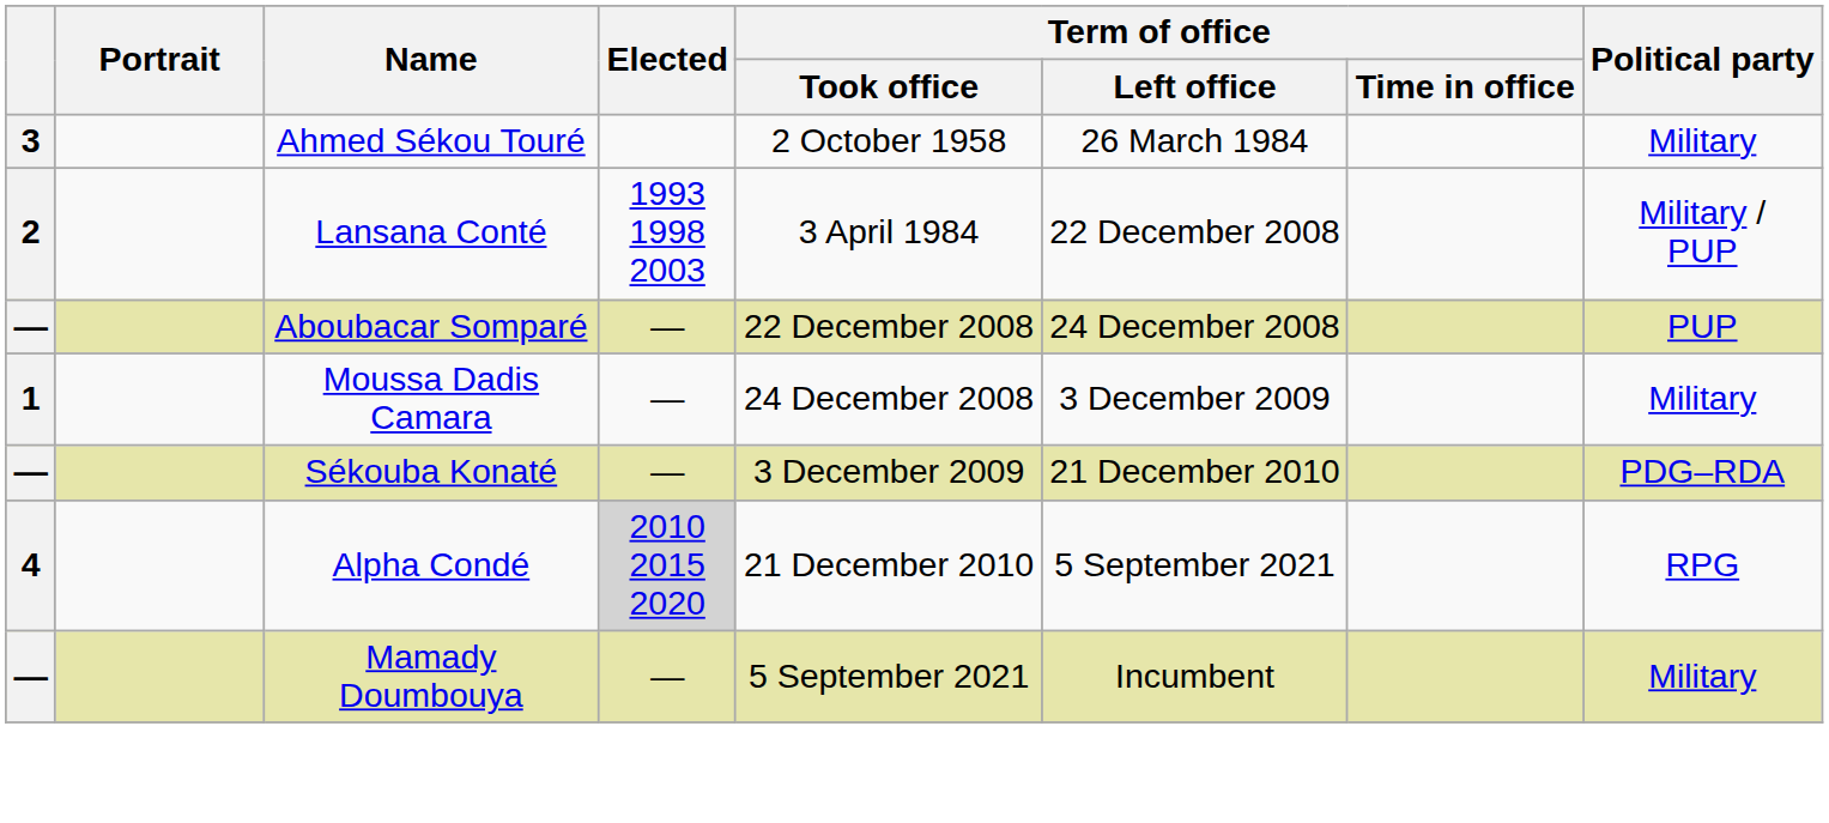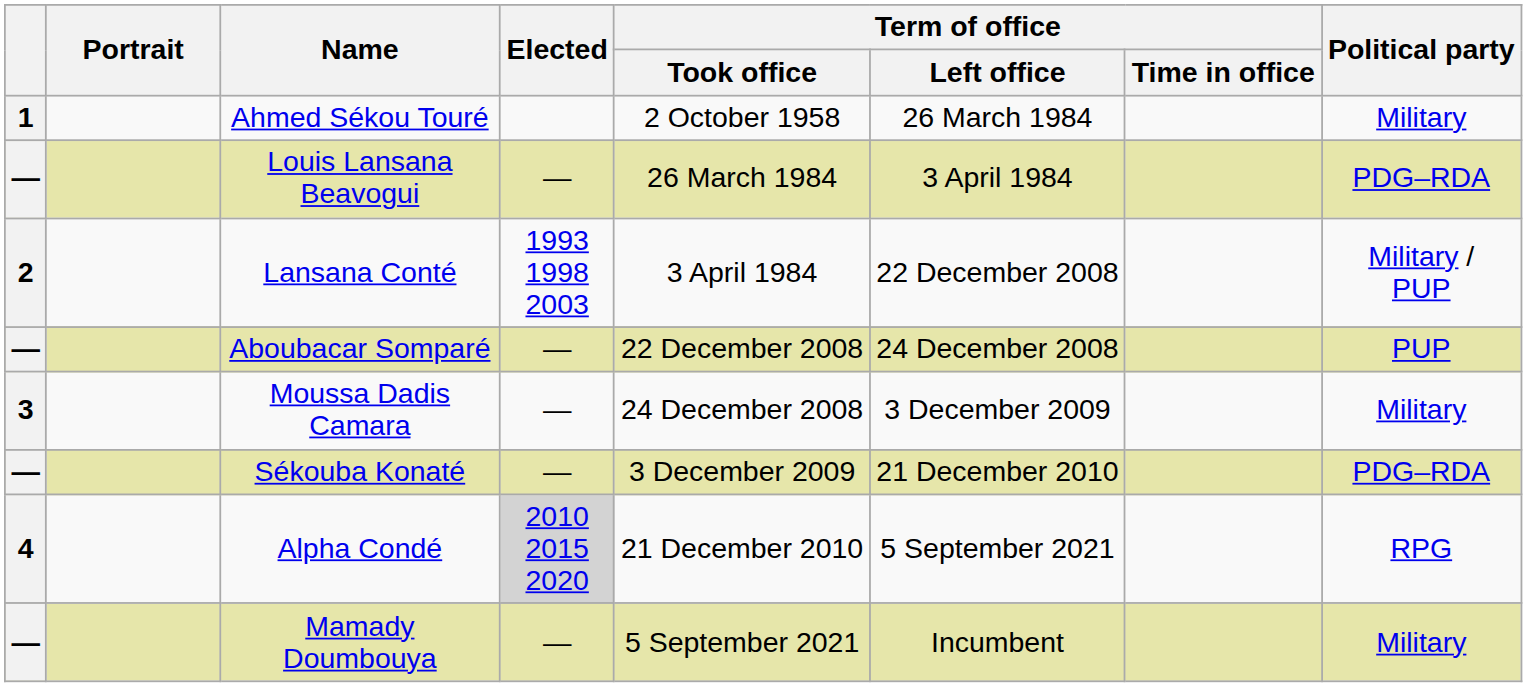 <table class="wikitable" style="text-align:center">
 <tr>
 <th rowspan="2"></th>
 <th rowspan="2" style="width:90px;">Portrait</th>
 <th rowspan="2" width="150">Name<br></th>
 <th rowspan="2">Elected</th>
 <th colspan="3">Term of office</th>
 <th rowspan="2">Political party</th>
 </tr>
 <tr>
 <th>Took office</th>
 <th>Left office</th>
 <th>Time in office</th>
 </tr>
 <tr>
-<th style="background-color:">3</th>
+<th style="background-color:">1</th>
 <td></td>
 <td><a href='#'>Ahmed Sékou Touré</a><br></td>
 <td></td>
 <td>2 October 1958</td>
 <td>26 March 1984</td>
 <td></td>
 <td><a href='#'>Military</a></td>
+</tr>
+<tr style="background:#e6e6aa;">
+<th style="background-color:">—</th>
+<td></td>
+<td><a href='#'>Louis Lansana Beavogui</a><br></td>
+<td>—</td>
+<td>26 March 1984</td>
+<td>3 April 1984<br></td>
+<td></td>
+<td><a href='#'>PDG–RDA</a></td>
 </tr>
 <tr>
 <th style="background-color:">2</th>
 <td></td>
 <td><a href='#'>Lansana Conté</a><br></td>
 <td><a href='#'>1993</a><br><a href='#'>1998</a><br><a href='#'>2003</a></td>
 <td>3 April 1984</td>
 <td>22 December 2008</td>
 <td></td>
 <td><a href='#'>Military</a> / <br> <a href='#'>PUP</a></td>
 </tr>
 <tr style="background:#e6e6aa;">
 <th style="background-color:">—</th>
 <td></td>
 <td><a href='#'>Aboubacar Somparé</a><br></td>
 <td>—</td>
 <td>22 December 2008</td>
 <td>24 December 2008<br></td>
 <td></td>
 <td><a href='#'>PUP</a></td>
 </tr>
 <tr>
-<th style="background-color:">1</th>
+<th style="background-color:">3</th>
 <td></td>
 <td><a href='#'>Moussa Dadis Camara</a><br></td>
 <td>—</td>
 <td>24 December 2008</td>
 <td>3 December 2009</td>
 <td></td>
 <td><a href='#'>Military</a></td>
 </tr>
 <tr style="background:#e6e6aa;">
 <th style="background-color:">—</th>
 <td></td>
 <td><a href='#'>Sékouba Konaté</a><br></td>
 <td>—</td>
 <td>3 December 2009</td>
 <td>21 December 2010</td>
 <td></td>
 <td><a href='#'>PDG–RDA</a></td>
 </tr>
 <tr>
 <th style="background-color:">4</th>
 <td></td>
 <td><a href='#'>Alpha Condé</a><br></td>
 <td style="background: lightgrey;"><a href='#'>2010</a><br><a href='#'>2015</a><br><a href='#'>2020</a></td>
 <td>21 December 2010</td>
 <td>5 September 2021<br></td>
 <td></td>
 <td><a href='#'>RPG</a></td>
 </tr>
 <tr style="background:#e6e6aa;">
 <th style="background-color:">—</th>
 <td></td>
 <td><a href='#'>Mamady Doumbouya</a><br> </td>
 <td style="background:#e6e6aa;">—</td>
 <td style="background:#e6e6aa;">5 September 2021</td>
 <td style="background:#e6e6aa;">Incumbent</td>
 <td style="background:#e6e6aa;"></td>
 <td><a href='#'>Military</a></td>
 </tr>
 </table>
